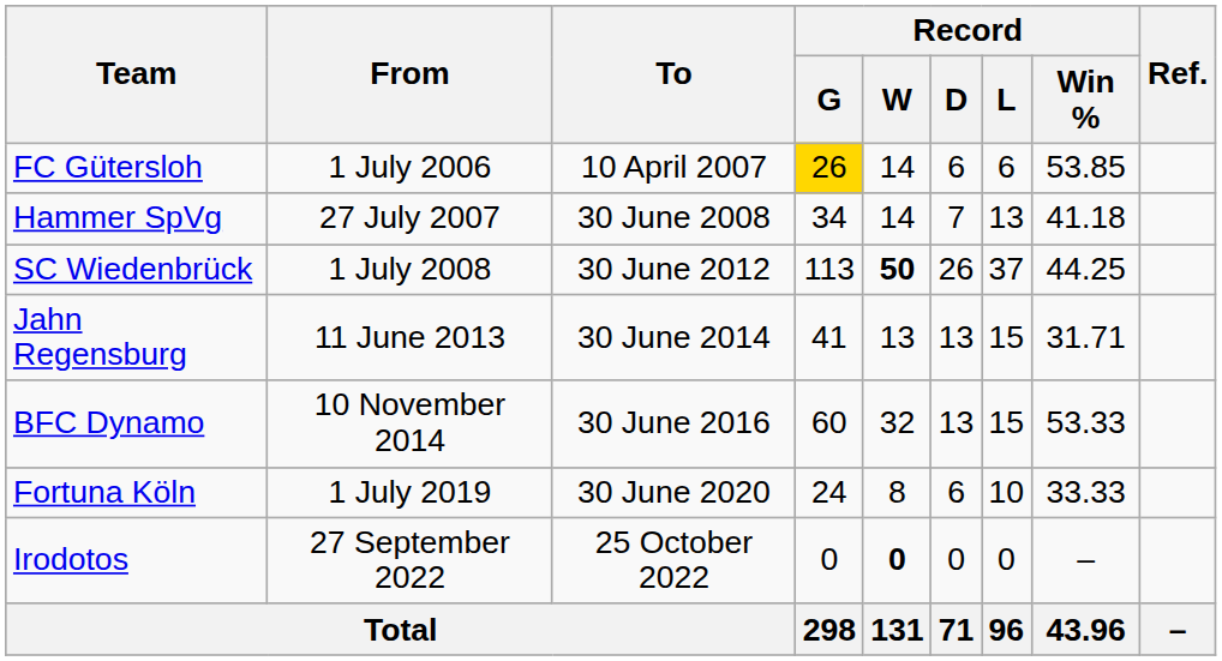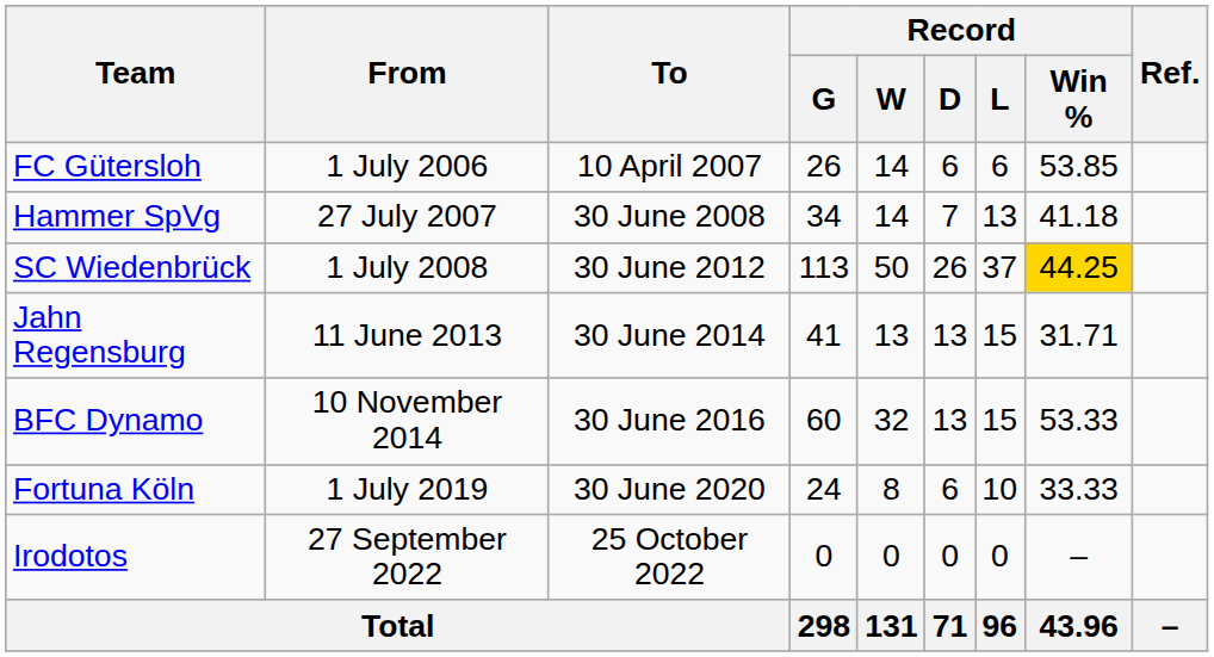 <table class="wikitable">
 <tr>
 <th rowspan="2">Team</th>
 <th rowspan="2">From</th>
 <th rowspan="2">To</th>
 <th colspan="5">Record</th>
 <th rowspan="2">Ref.</th>
 </tr>
 <tr>
 <th>G</th>
 <th>W</th>
 <th>D</th>
 <th>L</th>
 <th>Win %</th>
 </tr>
 <tr>
 <td> <a href='#'>FC Gütersloh</a></td>
 <td align="center">1 July 2006</td>
 <td align="center">10 April 2007</td>
-<td align="center" style="background: gold;">26</td>
+<td align="center">26</td>
 <td align="center">14</td>
 <td align="center">6</td>
 <td align="center">6</td>
 <td align="center">53.85</td>
 <td align="center"></td>
 </tr>
 <tr>
 <td> <a href='#'>Hammer SpVg</a></td>
 <td align="center">27 July 2007</td>
 <td align="center">30 June 2008</td>
 <td align="center">34</td>
 <td align="center">14</td>
 <td align="center">7</td>
 <td align="center">13</td>
 <td align="center">41.18</td>
 <td align="center"></td>
 </tr>
 <tr>
 <td> <a href='#'>SC Wiedenbrück</a></td>
 <td align="center">1 July 2008</td>
 <td align="center">30 June 2012</td>
 <td align="center">113</td>
-<td align="center"><strong>50</strong></td>
+<td align="center">50</td>
 <td align="center">26</td>
 <td align="center">37</td>
-<td align="center">44.25</td>
+<td align="center" style="background: gold;">44.25</td>
 <td align="center"></td>
 </tr>
 <tr>
 <td> <a href='#'>Jahn Regensburg</a></td>
 <td align="center">11 June 2013</td>
 <td align="center">30 June 2014</td>
 <td align="center">41</td>
 <td align="center">13</td>
 <td align="center">13</td>
 <td align="center">15</td>
 <td align="center">31.71</td>
 <td align="center"></td>
 </tr>
 <tr>
 <td> <a href='#'>BFC Dynamo</a></td>
 <td align="center">10 November 2014</td>
 <td align="center">30 June 2016</td>
 <td align="center">60</td>
 <td align="center">32</td>
 <td align="center">13</td>
 <td align="center">15</td>
 <td align="center">53.33</td>
 <td align="center"></td>
 </tr>
 <tr>
 <td> <a href='#'>Fortuna Köln</a></td>
 <td align="center">1 July 2019</td>
 <td align="center">30 June 2020</td>
 <td align="center">24</td>
 <td align="center">8</td>
 <td align="center">6</td>
 <td align="center">10</td>
 <td align="center">33.33</td>
 <td align="center"></td>
 </tr>
 <tr>
 <td> <a href='#'>Irodotos</a></td>
 <td align="center">27 September 2022</td>
 <td align="center">25 October 2022</td>
 <td align="center">0</td>
-<td align="center"><strong>0</strong></td>
+<td align="center">0</td>
 <td align="center">0</td>
 <td align="center">0</td>
 <td align="center">–</td>
 <td align="center"></td>
 </tr>
 <tr>
 <th colspan="3">Total</th>
 <th>298</th>
 <th>131</th>
 <th>71</th>
 <th>96</th>
 <th>43.96</th>
 <th>–</th>
 </tr>
 </table>
